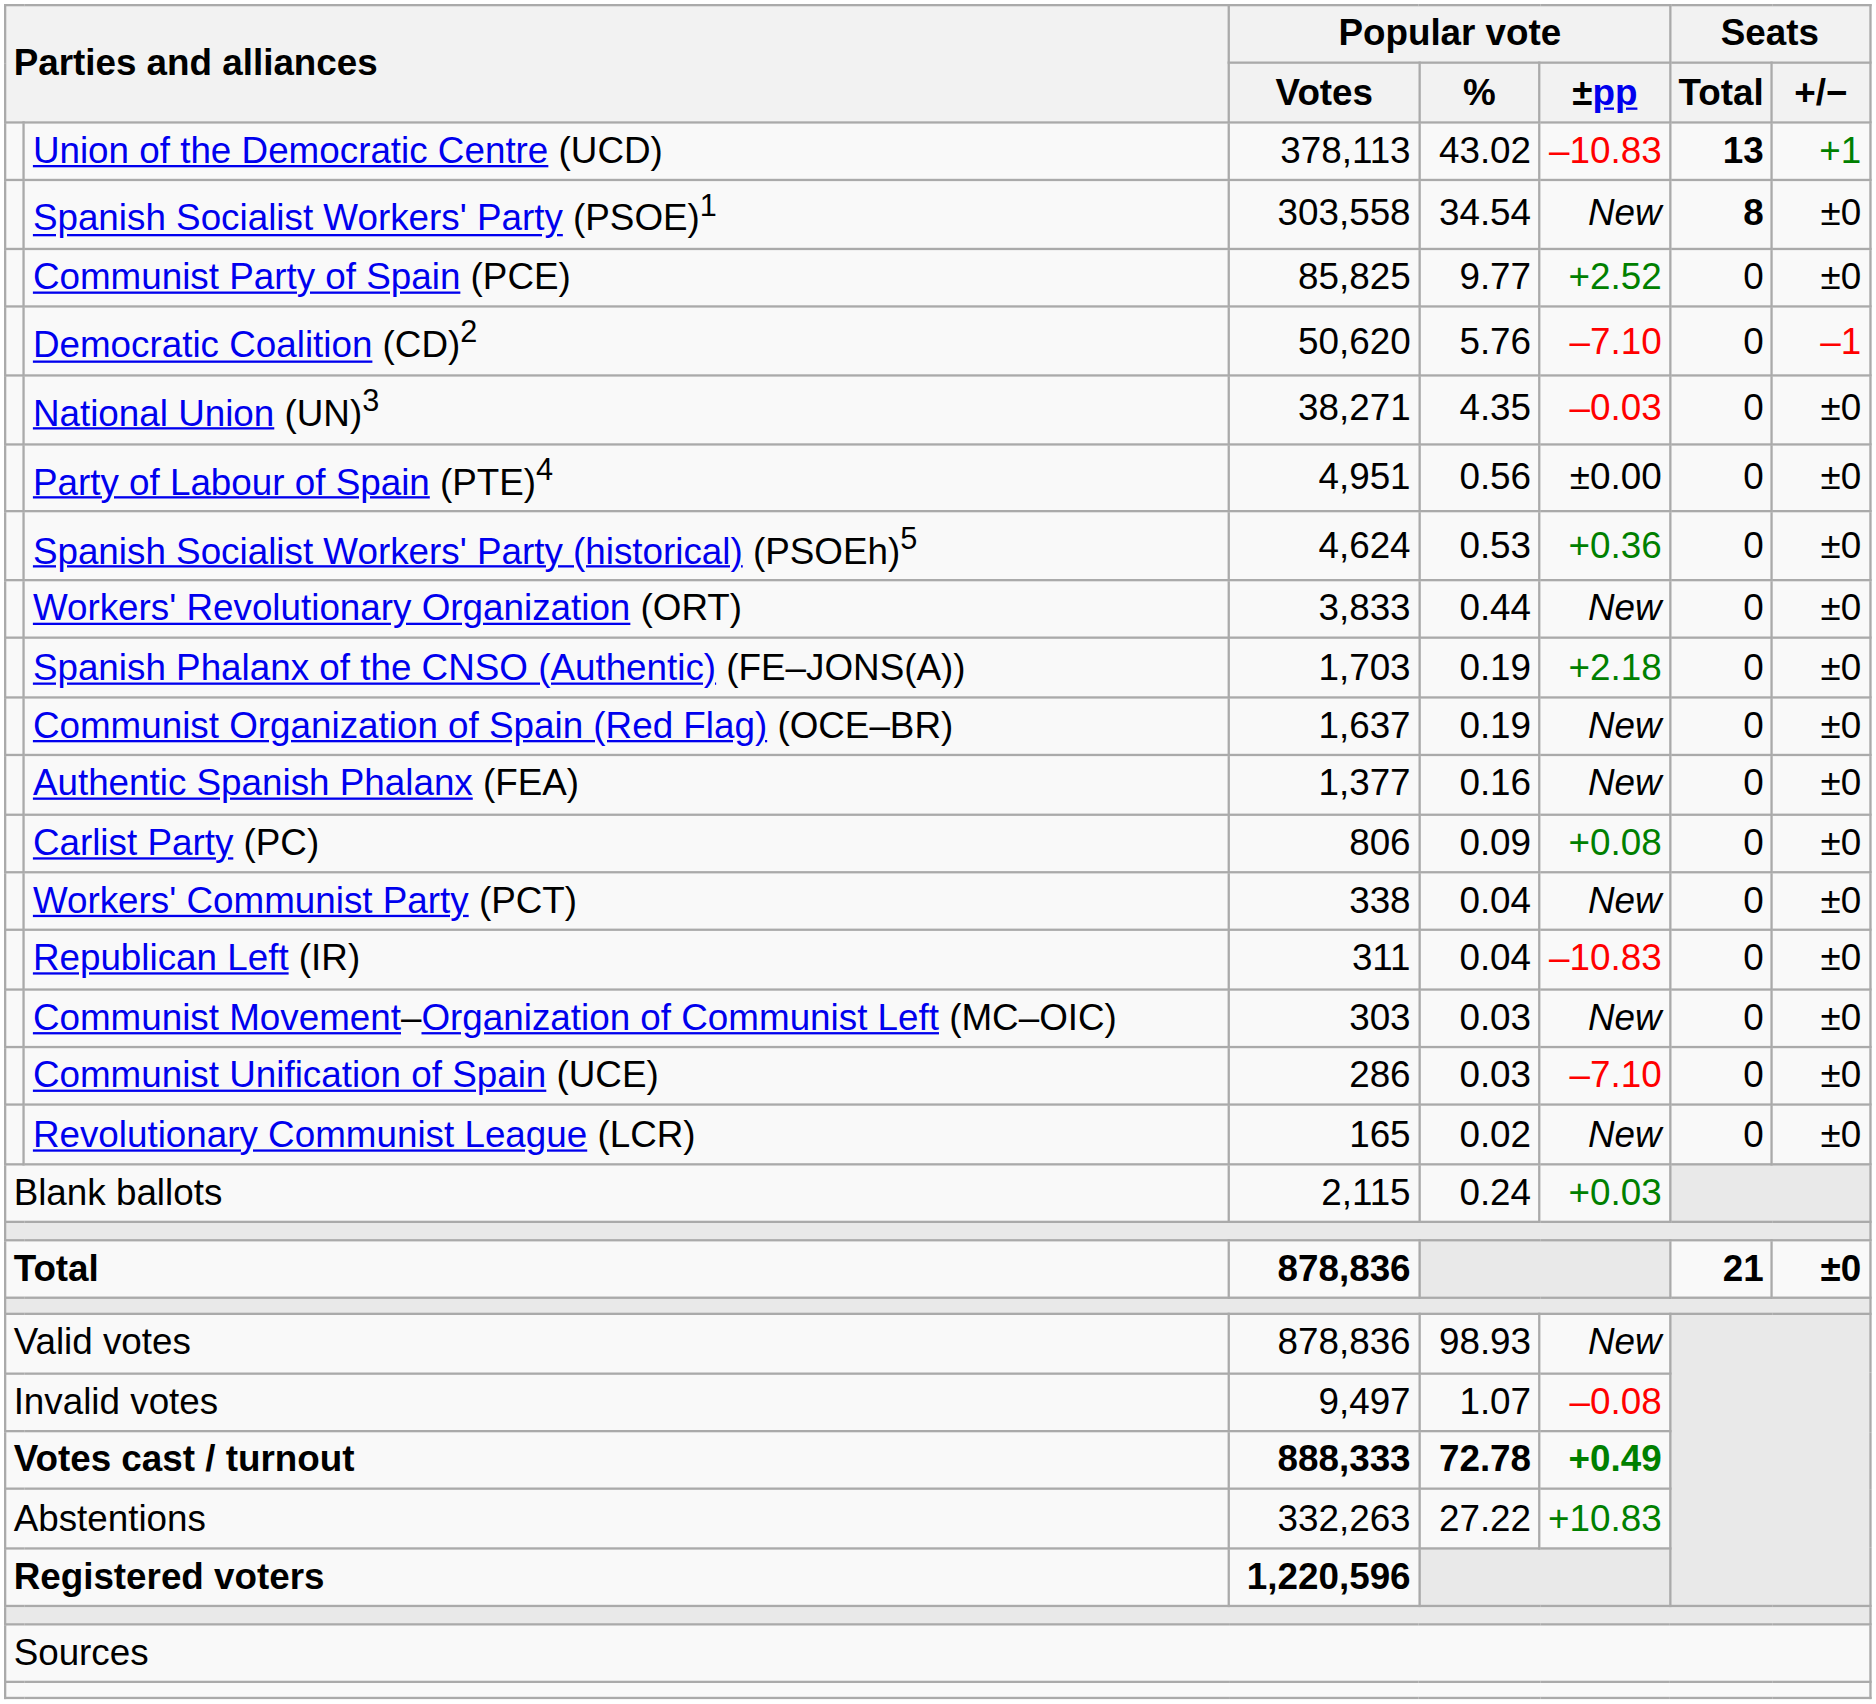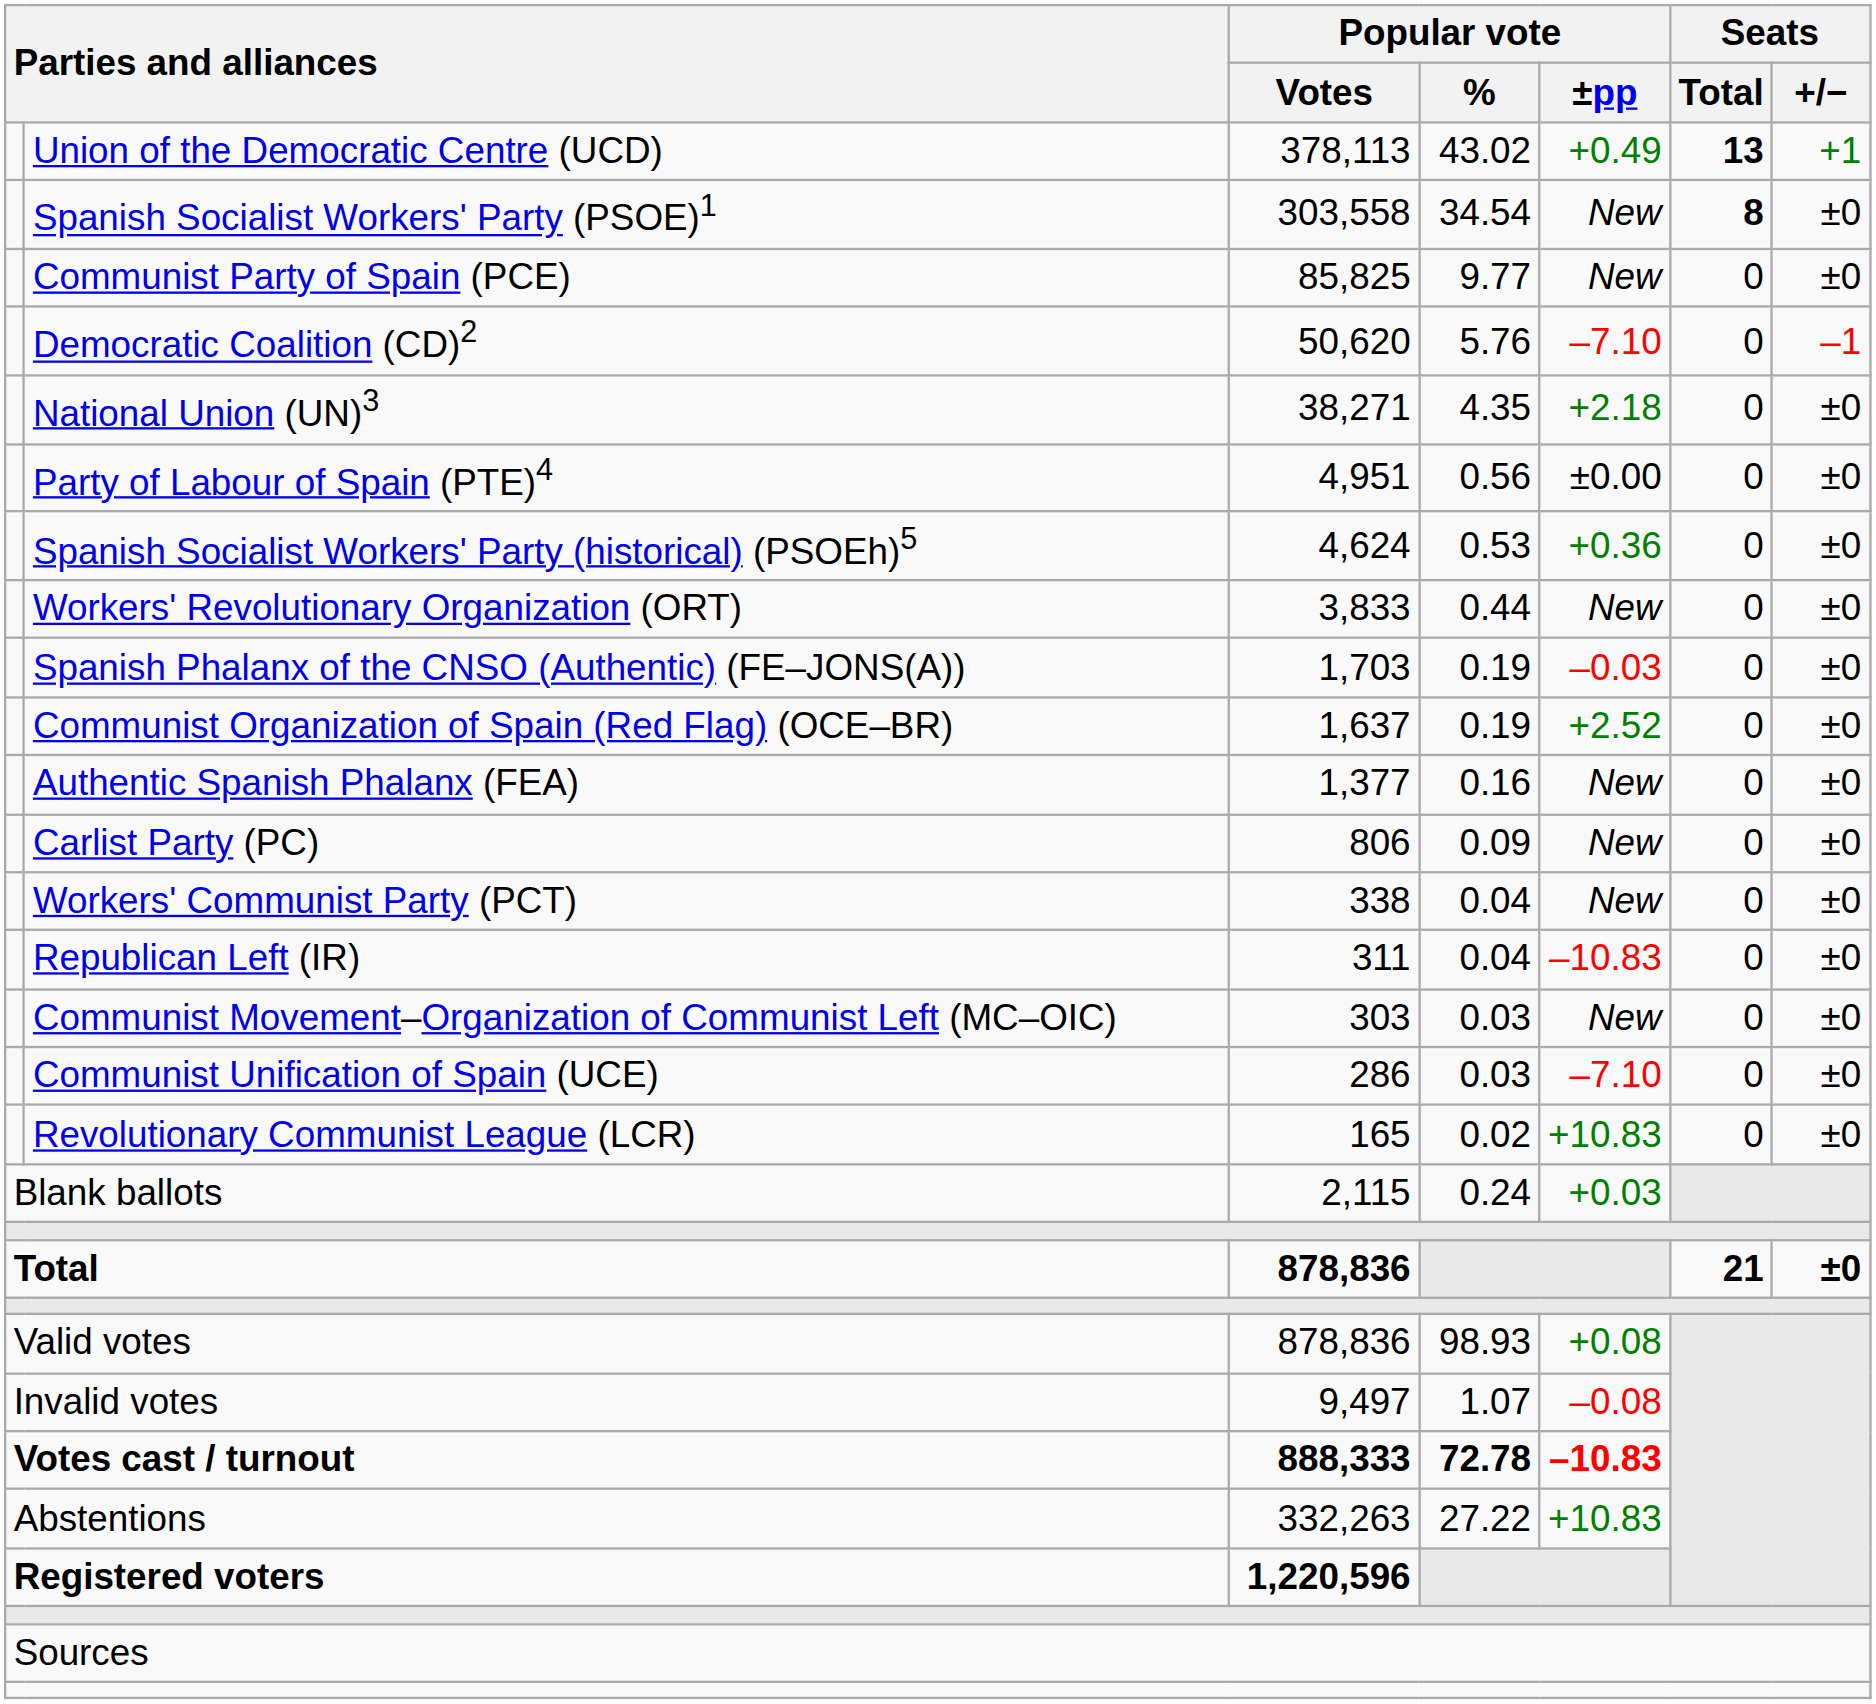 <table class="wikitable" style="text-align:right;">
 <tr>
 <th style="text-align:left;" rowspan="2" colspan="2" width="525">Parties and alliances</th>
 <th colspan="3">Popular vote</th>
 <th colspan="2">Seats</th>
 </tr>
 <tr>
 <th width="75">Votes</th>
 <th width="45">%</th>
 <th width="45">±<a href='#'>pp</a></th>
 <th width="35">Total</th>
 <th width="35">+/−</th>
 </tr>
 <tr>
 <td width="1" style="color:inherit;background:"></td>
 <td align="left"><a href='#'>Union of the Democratic Centre</a> (UCD)</td>
 <td>378,113</td>
 <td>43.02</td>
-<td style="color:red;">–10.83</td>
+<td style="color:green;">+0.49</td>
 <td><strong>13</strong></td>
 <td style="color:green;">+1</td>
 </tr>
 <tr>
 <td style="color:inherit;background:"></td>
 <td align="left"><a href='#'>Spanish Socialist Workers' Party</a> (PSOE)<sup>1</sup></td>
 <td>303,558</td>
 <td>34.54</td>
 <td><em>New</em></td>
 <td><strong>8</strong></td>
 <td>±0</td>
 </tr>
 <tr>
 <td style="color:inherit;background:"></td>
 <td align="left"><a href='#'>Communist Party of Spain</a> (PCE)</td>
 <td>85,825</td>
 <td>9.77</td>
-<td style="color:green;">+2.52</td>
+<td><em>New</em></td>
 <td>0</td>
 <td>±0</td>
 </tr>
 <tr>
 <td style="color:inherit;background:"></td>
 <td align="left"><a href='#'>Democratic Coalition</a> (CD)<sup>2</sup></td>
 <td>50,620</td>
 <td>5.76</td>
 <td style="color:red;">–7.10</td>
 <td>0</td>
 <td style="color:red;">–1</td>
 </tr>
 <tr>
 <td style="color:inherit;background:"></td>
 <td align="left"><a href='#'>National Union</a> (UN)<sup>3</sup></td>
 <td>38,271</td>
 <td>4.35</td>
-<td style="color:red;">–0.03</td>
+<td style="color:green;">+2.18</td>
 <td>0</td>
 <td>±0</td>
 </tr>
 <tr>
 <td style="color:inherit;background:"></td>
 <td align="left"><a href='#'>Party of Labour of Spain</a> (PTE)<sup>4</sup></td>
 <td>4,951</td>
 <td>0.56</td>
 <td>±0.00</td>
 <td>0</td>
 <td>±0</td>
 </tr>
 <tr>
 <td style="color:inherit;background:"></td>
 <td align="left"><a href='#'>Spanish Socialist Workers' Party (historical)</a> (PSOEh)<sup>5</sup></td>
 <td>4,624</td>
 <td>0.53</td>
 <td style="color:green;">+0.36</td>
 <td>0</td>
 <td>±0</td>
 </tr>
 <tr>
 <td style="color:inherit;background:"></td>
 <td align="left"><a href='#'>Workers' Revolutionary Organization</a> (ORT)</td>
 <td>3,833</td>
 <td>0.44</td>
 <td><em>New</em></td>
 <td>0</td>
 <td>±0</td>
 </tr>
 <tr>
 <td style="color:inherit;background:"></td>
 <td align="left"><a href='#'>Spanish Phalanx of the CNSO (Authentic)</a> (FE–JONS(A))</td>
 <td>1,703</td>
 <td>0.19</td>
-<td style="color:green;">+2.18</td>
+<td style="color:red;">–0.03</td>
 <td>0</td>
 <td>±0</td>
 </tr>
 <tr>
 <td style="color:inherit;background:"></td>
 <td align="left"><a href='#'>Communist Organization of Spain (Red Flag)</a> (OCE–BR)</td>
 <td>1,637</td>
 <td>0.19</td>
-<td><em>New</em></td>
+<td style="color:green;">+2.52</td>
 <td>0</td>
 <td>±0</td>
 </tr>
 <tr>
 <td style="color:inherit;background:"></td>
 <td align="left"><a href='#'>Authentic Spanish Phalanx</a> (FEA)</td>
 <td>1,377</td>
 <td>0.16</td>
 <td><em>New</em></td>
 <td>0</td>
 <td>±0</td>
 </tr>
 <tr>
 <td style="color:inherit;background:"></td>
 <td align="left"><a href='#'>Carlist Party</a> (PC)</td>
 <td>806</td>
 <td>0.09</td>
-<td style="color:green;">+0.08</td>
+<td><em>New</em></td>
 <td>0</td>
 <td>±0</td>
 </tr>
 <tr>
 <td style="color:inherit;background:"></td>
 <td align="left"><a href='#'>Workers' Communist Party</a> (PCT)</td>
 <td>338</td>
 <td>0.04</td>
 <td><em>New</em></td>
 <td>0</td>
 <td>±0</td>
 </tr>
 <tr>
 <td style="color:inherit;background:"></td>
 <td align="left"><a href='#'>Republican Left</a> (IR)</td>
 <td>311</td>
 <td>0.04</td>
 <td style="color:red;">–10.83</td>
 <td>0</td>
 <td>±0</td>
 </tr>
 <tr>
 <td style="color:inherit;background:"></td>
 <td align="left"><a href='#'>Communist Movement</a>–<a href='#'>Organization of Communist Left</a> (MC–OIC)</td>
 <td>303</td>
 <td>0.03</td>
 <td><em>New</em></td>
 <td>0</td>
 <td>±0</td>
 </tr>
 <tr>
 <td style="color:inherit;background:"></td>
 <td align="left"><a href='#'>Communist Unification of Spain</a> (UCE)</td>
 <td>286</td>
 <td>0.03</td>
 <td style="color:red;">–7.10</td>
 <td>0</td>
 <td>±0</td>
 </tr>
 <tr>
 <td style="color:inherit;background:"></td>
 <td align="left"><a href='#'>Revolutionary Communist League</a> (LCR)</td>
 <td>165</td>
 <td>0.02</td>
-<td><em>New</em></td>
+<td style="color:green;">+10.83</td>
 <td>0</td>
 <td>±0</td>
 </tr>
 <tr>
 <td align="left" colspan="2">Blank ballots</td>
 <td>2,115</td>
 <td>0.24</td>
 <td style="color:green;">+0.03</td>
 <td bgcolor="#E9E9E9" colspan="2"></td>
 </tr>
 <tr>
 <td colspan="7" bgcolor="#E9E9E9"></td>
 </tr>
 <tr style="font-weight:bold;">
 <td align="left" colspan="2">Total</td>
 <td>878,836</td>
 <td bgcolor="#E9E9E9" colspan="2"></td>
 <td>21</td>
 <td>±0</td>
 </tr>
 <tr>
 <td colspan="7" bgcolor="#E9E9E9"></td>
 </tr>
 <tr>
 <td align="left" colspan="2">Valid votes</td>
 <td>878,836</td>
 <td>98.93</td>
-<td><em>New</em></td>
+<td style="color:green;">+0.08</td>
 <td bgcolor="#E9E9E9" colspan="2" rowspan="5"></td>
 </tr>
 <tr>
 <td align="left" colspan="2">Invalid votes</td>
 <td>9,497</td>
 <td>1.07</td>
 <td style="color:red;">–0.08</td>
 </tr>
 <tr style="font-weight:bold;">
 <td align="left" colspan="2">Votes cast / turnout</td>
 <td>888,333</td>
 <td>72.78</td>
-<td style="color:green;">+0.49</td>
+<td style="color:red;">–10.83</td>
 </tr>
 <tr>
 <td align="left" colspan="2">Abstentions</td>
 <td>332,263</td>
 <td>27.22</td>
 <td style="color:green;">+10.83</td>
 </tr>
 <tr style="font-weight:bold;">
 <td align="left" colspan="2">Registered voters</td>
 <td>1,220,596</td>
 <td bgcolor="#E9E9E9" colspan="2"></td>
 </tr>
 <tr>
 <td colspan="7" bgcolor="#E9E9E9"></td>
 </tr>
 <tr>
 <td align="left" colspan="7">Sources</td>
 </tr>
 <tr>
 <td colspan="7" style="text-align:left; max-width:790px;"></td>
 </tr>
 </table>
